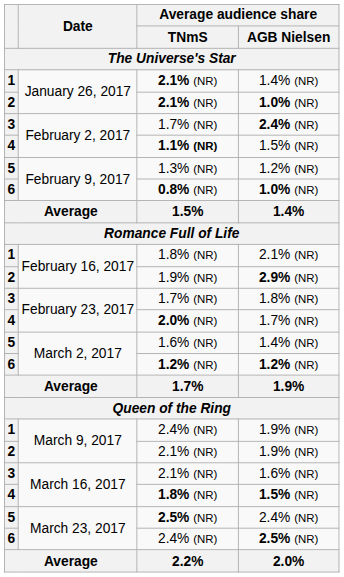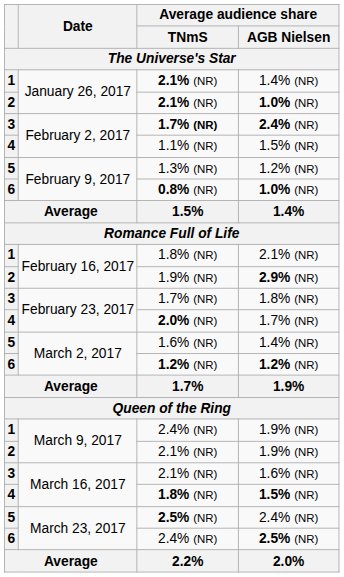 <table class="wikitable" style="text-align:center;">
 <tr>
 <th rowspan="2"></th>
 <th rowspan="2">Date</th>
 <th colspan="2">Average audience share</th>
 </tr>
 <tr>
 <th width="110">TNmS</th>
 <th width="110">AGB Nielsen</th>
 </tr>
 <tr>
 <th colspan="4"><em>The Universe's Star</em></th>
 </tr>
 <tr>
 <th>1</th>
 <td rowspan="2">January 26, 2017</td>
 <td><span><strong>2.1%</strong></span> <small>(NR)</small></td>
 <td>1.4% <small>(NR)</small></td>
 </tr>
 <tr>
 <th>2</th>
 <td><span><strong>2.1%</strong></span> <small>(NR)</small></td>
 <td><span><strong>1.0%</strong></span> <small>(NR)</small></td>
 </tr>
 <tr>
 <th>3</th>
 <td rowspan="2">February 2, 2017</td>
-<td>1.7% <small>(NR)</small></td>
+<td><strong>1.7% <small>(NR)</small></strong></td>
 <td><span><strong>2.4%</strong></span> <small>(NR)</small></td>
 </tr>
 <tr>
 <th>4</th>
-<td><strong>1.1% <small>(NR)</small></strong></td>
+<td>1.1% <small>(NR)</small></td>
 <td>1.5% <small>(NR)</small></td>
 </tr>
 <tr>
 <th>5</th>
 <td rowspan="2">February 9, 2017</td>
 <td>1.3% <small>(NR)</small></td>
 <td>1.2% <small>(NR)</small></td>
 </tr>
 <tr>
 <th>6</th>
 <td><span><strong>0.8%</strong></span> <small>(NR)</small></td>
 <td><span><strong>1.0%</strong></span> <small>(NR)</small></td>
 </tr>
 <tr>
 <th colspan="2">Average</th>
 <th>1.5%</th>
 <th>1.4%</th>
 </tr>
 <tr>
 <th colspan="4"><em>Romance Full of Life</em></th>
 </tr>
 <tr>
 <th>1</th>
 <td rowspan="2">February 16, 2017</td>
 <td>1.8% <small>(NR)</small></td>
 <td>2.1% <small>(NR)</small></td>
 </tr>
 <tr>
 <th>2</th>
 <td>1.9% <small>(NR)</small></td>
 <td><span><strong>2.9%</strong></span> <small>(NR)</small></td>
 </tr>
 <tr>
 <th>3</th>
 <td rowspan="2">February 23, 2017</td>
 <td>1.7% <small>(NR)</small></td>
 <td>1.8% <small>(NR)</small></td>
 </tr>
 <tr>
 <th>4</th>
 <td><span><strong>2.0%</strong></span> <small>(NR)</small></td>
 <td>1.7% <small>(NR)</small></td>
 </tr>
 <tr>
 <th>5</th>
 <td rowspan="2">March 2, 2017</td>
 <td>1.6% <small>(NR)</small></td>
 <td>1.4% <small>(NR)</small></td>
 </tr>
 <tr>
 <th>6</th>
 <td><span><strong>1.2%</strong></span> <small>(NR)</small></td>
 <td><span><strong>1.2%</strong></span> <small>(NR)</small></td>
 </tr>
 <tr>
 <th colspan="2">Average</th>
 <th>1.7%</th>
 <th>1.9%</th>
 </tr>
 <tr>
 <th colspan="4"><em>Queen of the Ring</em></th>
 </tr>
 <tr>
 <th>1</th>
 <td rowspan="2">March 9, 2017</td>
 <td>2.4% <small>(NR)</small></td>
 <td>1.9% <small>(NR)</small></td>
 </tr>
 <tr>
 <th>2</th>
 <td>2.1% <small>(NR)</small></td>
 <td>1.9% <small>(NR)</small></td>
 </tr>
 <tr>
 <th>3</th>
 <td rowspan="2">March 16, 2017</td>
 <td>2.1%  <small>(NR)</small></td>
 <td>1.6%  <small>(NR)</small></td>
 </tr>
 <tr>
 <th>4</th>
 <td><span><strong>1.8%</strong></span> <small>(NR)</small></td>
 <td><span><strong>1.5%</strong></span> <small>(NR)</small></td>
 </tr>
 <tr>
 <th>5</th>
 <td rowspan="2">March 23, 2017</td>
 <td><span><strong>2.5%</strong></span> <small>(NR)</small></td>
 <td>2.4% <small>(NR)</small></td>
 </tr>
 <tr>
 <th>6</th>
 <td>2.4% <small>(NR)</small></td>
 <td><span><strong>2.5%</strong></span> <small>(NR)</small></td>
 </tr>
 <tr>
 <th colspan="2">Average</th>
 <th>2.2%</th>
 <th>2.0%</th>
 </tr>
 </table>
